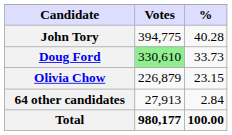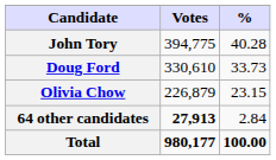 <table class="wikitable sortable plainrowheaders">
 <tr>
 </tr>
 <tr>
 <th scope="col" style="background:#ddf; width:150px;">Candidate</th>
 <th scope="col" style="background:#ddf;">Votes</th>
 <th scope="col" style="background:#ddf;">%</th>
 </tr>
 <tr>
 <th scope="row">John Tory</th>
 <td align="right">394,775</td>
 <td align="right">40.28</td>
 </tr>
 <tr>
 <th scope="row"><a href='#'>Doug Ford</a></th>
-<td align="right" style="background: lightgreen;">330,610</td>
+<td align="right">330,610</td>
 <td align="right">33.73</td>
 </tr>
 <tr>
 <th scope="row"><a href='#'>Olivia Chow</a></th>
 <td align="right">226,879</td>
 <td align="right">23.15</td>
 </tr>
 <tr>
 <th scope="row">64 other candidates</th>
-<td align="right">27,913</td>
+<td align="right"><strong>27,913</strong></td>
 <td align="right">2.84</td>
 </tr>
 <tr>
 <th scope="row">Total</th>
 <td align="right"><strong>980,177</strong></td>
 <td align="right"><strong>100.00</strong></td>
 </tr>
 </table>
